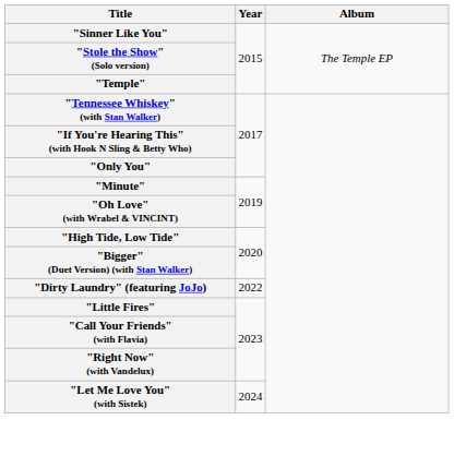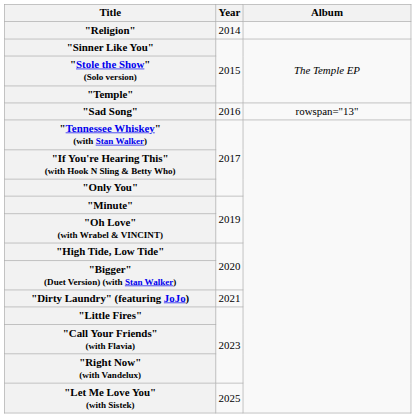 <table class="wikitable plainrowheaders" style="text-align:center;" border="1">
 <tr>
 <th style="width:19em;">Title</th>
 <th>Year</th>
 <th style="width:15em;">Album</th>
+</tr>
+<tr>
+<th scope="row">"Religion"</th>
+<td>2014</td>
+<td></td>
 </tr>
 <tr>
 <th scope="row">"Sinner Like You"</th>
 <td rowspan="3">2015</td>
 <td rowspan="3"><em>The Temple EP</em></td>
 </tr>
 <tr>
 <th scope="row">"<a href='#'>Stole the Show</a>"<br><small>(Solo version)</small></th>
 </tr>
 <tr>
 <th scope="row">"Temple"</th>
+</tr>
+<tr>
+<th scope="row">"Sad Song"</th>
+<td>2016</td>
+<td>rowspan="13" </td>
 </tr>
 <tr>
 <th scope="row">"<a href='#'>Tennessee Whiskey</a>" <br><small>(with <a href='#'>Stan Walker</a>)</small></th>
 <td rowspan="3">2017</td>
 </tr>
 <tr>
 <th scope="row">"If You're Hearing This"<br><small>(with Hook N Sling & Betty Who)</small></th>
 </tr>
 <tr>
 <th scope="row">"Only You"</th>
 </tr>
 <tr>
 <th scope="row">"Minute"</th>
 <td rowspan="2">2019</td>
 </tr>
 <tr>
 <th scope="row">"Oh Love"<br><small>(with Wrabel & VINCINT)</small></th>
 </tr>
 <tr>
 <th scope="row">"High Tide, Low Tide"</th>
 <td rowspan="2">2020</td>
 </tr>
 <tr>
 <th scope="row">"Bigger"<br><small>(Duet Version) (with <a href='#'>Stan Walker</a>)</small></th>
 </tr>
 <tr>
 <th scope="row">"Dirty Laundry" (featuring <a href='#'>JoJo</a>)</th>
-<td rowspan="1">2022</td>
+<td rowspan="1">2021</td>
 </tr>
 <tr>
 <th scope="row">"Little Fires"</th>
 <td rowspan="3">2023</td>
 </tr>
 <tr>
 <th scope="row">"Call Your Friends" <br><small>(with Flavia)</small></th>
 </tr>
 <tr>
 <th scope="row">"Right Now" <br><small>(with Vandelux)</small></th>
 </tr>
 <tr>
 <th scope="row">"Let Me Love You" <br><small>(with Sistek)</small></th>
-<td>2024</td>
+<td>2025</td>
 </tr>
 </table>
